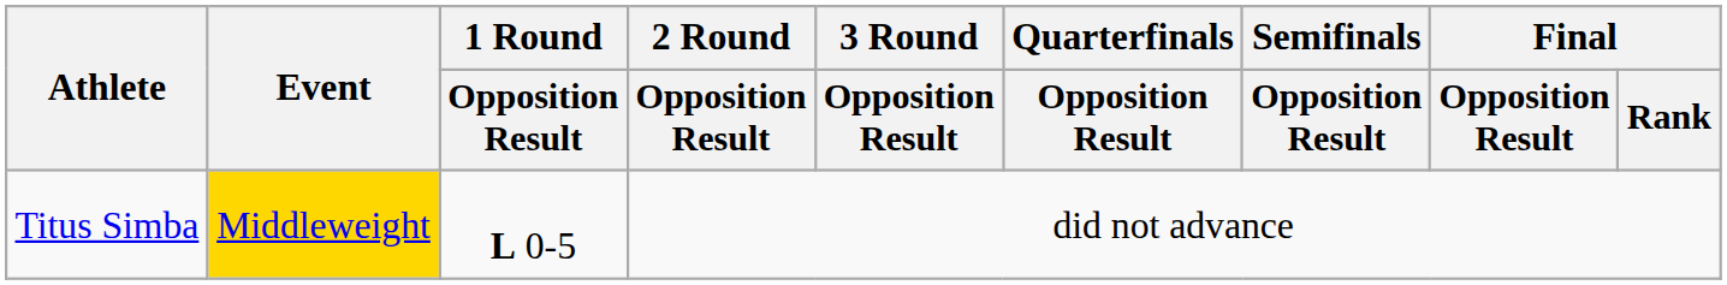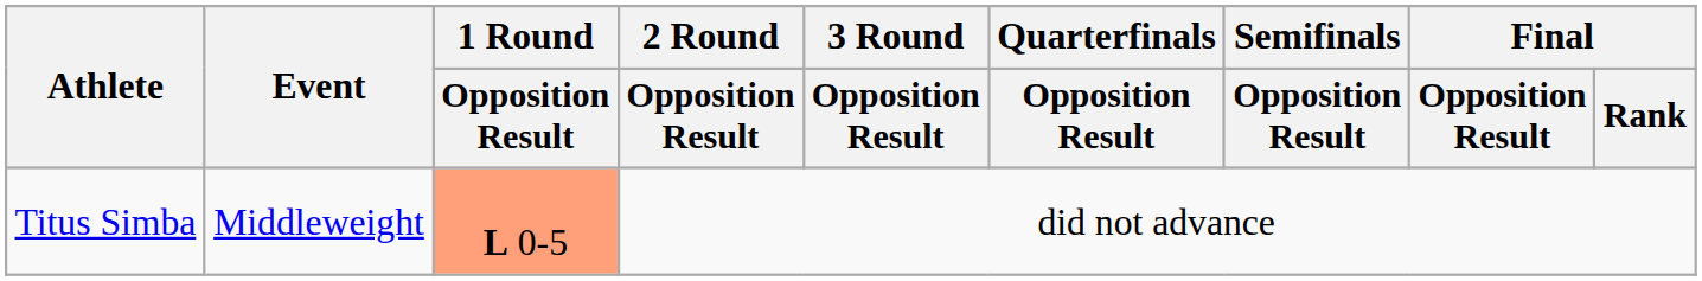 <table class="wikitable" style="font-size:90%">
 <tr>
 <th rowspan="2">Athlete</th>
 <th rowspan="2">Event</th>
 <th>1 Round</th>
 <th>2 Round</th>
 <th>3 Round</th>
 <th>Quarterfinals</th>
 <th>Semifinals</th>
 <th colspan=2>Final</th>
 </tr>
 <tr style="font-size:95%">
 <th>Opposition<br>Result</th>
 <th>Opposition<br>Result</th>
 <th>Opposition<br>Result</th>
 <th>Opposition<br>Result</th>
 <th>Opposition<br>Result</th>
 <th>Opposition<br>Result</th>
 <th>Rank</th>
 </tr>
 <tr align=center>
 <td align=left><a href='#'>Titus Simba</a></td>
-<td align=left style="background: gold;"><a href='#'>Middleweight</a></td>
-<td><br><strong>L</strong> 0-5</td>
+<td align=left><a href='#'>Middleweight</a></td>
+<td style="background: lightsalmon;"><br><strong>L</strong> 0-5</td>
 <td colspan=6>did not advance</td>
 </tr>
 </table>
